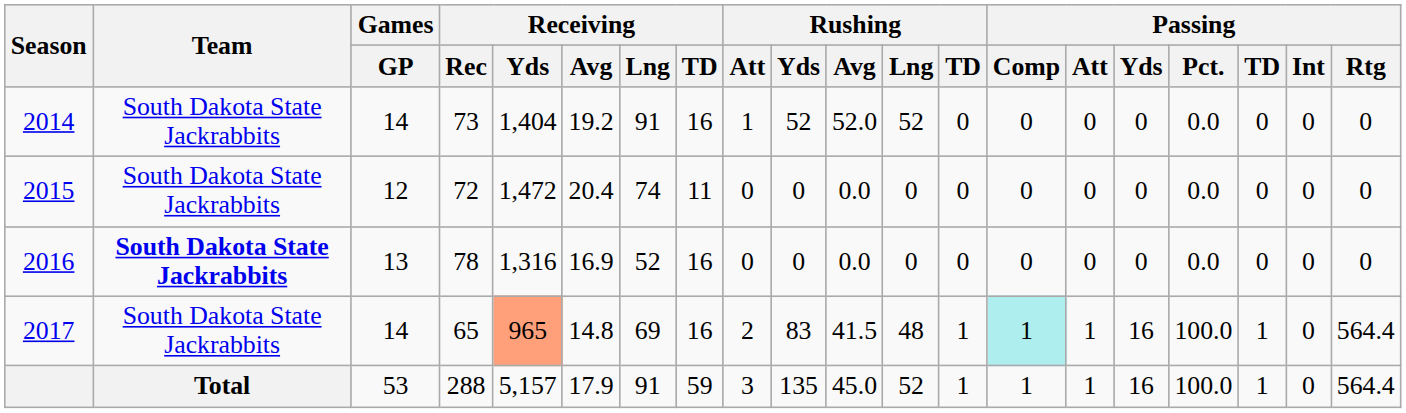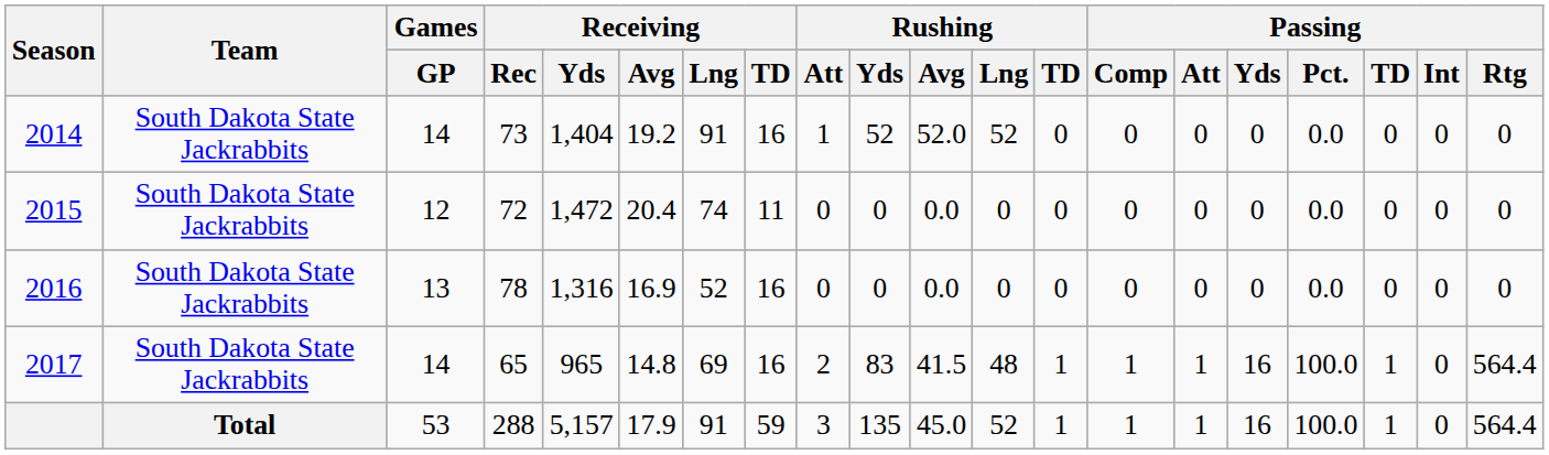 <table class=wikitable style="text-align:center;">
 <tr>
 <th rowspan=2>Season</th>
 <th rowspan=2>Team</th>
 <th colspan=1>Games</th>
 <th colspan=5>Receiving</th>
 <th colspan=5>Rushing</th>
 <th colspan=7>Passing</th>
 </tr>
 <tr>
 <th>GP</th>
 <th>Rec</th>
 <th>Yds</th>
 <th>Avg</th>
 <th>Lng</th>
 <th>TD</th>
 <th>Att</th>
 <th>Yds</th>
 <th>Avg</th>
 <th>Lng</th>
 <th>TD</th>
 <th>Comp</th>
 <th>Att</th>
 <th>Yds</th>
 <th>Pct.</th>
 <th>TD</th>
 <th>Int</th>
 <th>Rtg</th>
 </tr>
 <tr>
 <td><a href='#'>2014</a></td>
 <td><a href='#'>South Dakota State Jackrabbits</a></td>
 <td>14</td>
 <td>73</td>
 <td>1,404</td>
 <td>19.2</td>
 <td>91</td>
 <td>16</td>
 <td>1</td>
 <td>52</td>
 <td>52.0</td>
 <td>52</td>
 <td>0</td>
 <td>0</td>
 <td>0</td>
 <td>0</td>
 <td>0.0</td>
 <td>0</td>
 <td>0</td>
 <td>0</td>
 </tr>
 <tr>
 <td><a href='#'>2015</a></td>
 <td><a href='#'>South Dakota State Jackrabbits</a></td>
 <td>12</td>
 <td>72</td>
 <td>1,472</td>
 <td>20.4</td>
 <td>74</td>
 <td>11</td>
 <td>0</td>
 <td>0</td>
 <td>0.0</td>
 <td>0</td>
 <td>0</td>
 <td>0</td>
 <td>0</td>
 <td>0</td>
 <td>0.0</td>
 <td>0</td>
 <td>0</td>
 <td>0</td>
 </tr>
 <tr>
 <td><a href='#'>2016</a></td>
-<td><strong><a href='#'>South Dakota State Jackrabbits</a></strong></td>
+<td><a href='#'>South Dakota State Jackrabbits</a></td>
 <td>13</td>
 <td>78</td>
 <td>1,316</td>
 <td>16.9</td>
 <td>52</td>
 <td>16</td>
 <td>0</td>
 <td>0</td>
 <td>0.0</td>
 <td>0</td>
 <td>0</td>
 <td>0</td>
 <td>0</td>
 <td>0</td>
 <td>0.0</td>
 <td>0</td>
 <td>0</td>
 <td>0</td>
 </tr>
 <tr>
 <td><a href='#'>2017</a></td>
 <td><a href='#'>South Dakota State Jackrabbits</a></td>
 <td>14</td>
 <td>65</td>
-<td style="background: lightsalmon;">965</td>
+<td>965</td>
 <td>14.8</td>
 <td>69</td>
 <td>16</td>
 <td>2</td>
 <td>83</td>
 <td>41.5</td>
 <td>48</td>
 <td>1</td>
-<td style="background: paleturquoise;">1</td>
+<td>1</td>
 <td>1</td>
 <td>16</td>
 <td>100.0</td>
 <td>1</td>
 <td>0</td>
 <td>564.4</td>
 </tr>
 <tr>
 <th></th>
 <th>Total</th>
 <td>53</td>
 <td>288</td>
 <td>5,157</td>
 <td>17.9</td>
 <td>91</td>
 <td>59</td>
 <td>3</td>
 <td>135</td>
 <td>45.0</td>
 <td>52</td>
 <td>1</td>
 <td>1</td>
 <td>1</td>
 <td>16</td>
 <td>100.0</td>
 <td>1</td>
 <td>0</td>
 <td>564.4</td>
 </tr>
 </table>
